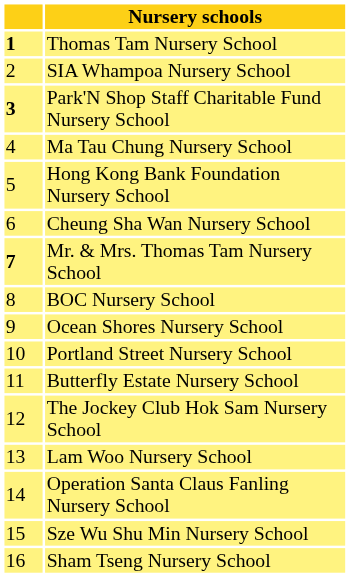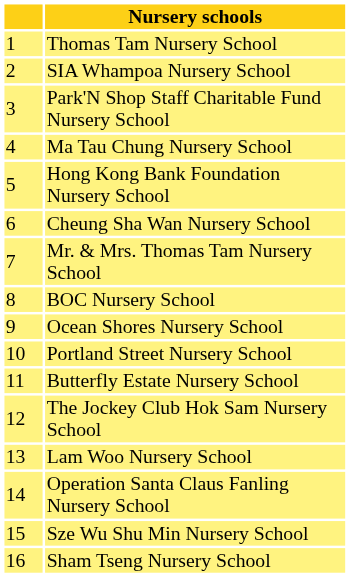 <table width=45%>
 <tr bgcolor=#FDD017>
 <th width=5%></th>
 <th width=45%><strong>Nursery schools</strong></th>
 </tr>
 <tr bgcolor=#FFF380>
-<td><strong>1</strong></td>
+<td>1</td>
 <td>Thomas Tam Nursery School</td>
 </tr>
 <tr bgcolor="#FFF380">
 <td>2</td>
 <td>SIA Whampoa Nursery School</td>
 </tr>
 <tr bgcolor="#FFF380">
-<td><strong>3</strong></td>
+<td>3</td>
 <td>Park'N Shop Staff Charitable Fund Nursery School</td>
 </tr>
 <tr bgcolor="#FFF380">
 <td>4</td>
 <td>Ma Tau Chung Nursery School</td>
 </tr>
 <tr bgcolor="#FFF380">
 <td>5</td>
 <td>Hong Kong Bank Foundation Nursery School</td>
 </tr>
 <tr bgcolor="#FFF380">
 <td>6</td>
 <td>Cheung Sha Wan Nursery School</td>
 </tr>
 <tr bgcolor="#FFF380">
-<td><strong>7</strong></td>
+<td>7</td>
 <td>Mr. & Mrs. Thomas Tam Nursery School</td>
 </tr>
 <tr bgcolor="#FFF380">
 <td>8</td>
 <td>BOC Nursery School</td>
 </tr>
 <tr bgcolor="#FFF380">
 <td>9</td>
 <td>Ocean Shores Nursery School</td>
 </tr>
 <tr bgcolor="#FFF380">
 <td>10</td>
 <td>Portland Street Nursery School</td>
 </tr>
 <tr bgcolor="#FFF380">
 <td>11</td>
 <td>Butterfly Estate Nursery School</td>
 </tr>
 <tr bgcolor="#FFF380">
 <td>12</td>
 <td>The Jockey Club Hok Sam Nursery School</td>
 </tr>
 <tr bgcolor="#FFF380">
 <td>13</td>
 <td>Lam Woo Nursery School</td>
 </tr>
 <tr bgcolor="#FFF380">
 <td>14</td>
 <td>Operation Santa Claus Fanling Nursery School</td>
 </tr>
 <tr bgcolor="#FFF380">
 <td>15</td>
 <td>Sze Wu Shu Min Nursery School</td>
 </tr>
 <tr bgcolor="#FFF380">
 <td>16</td>
 <td>Sham Tseng Nursery School</td>
 </tr>
 </table>
